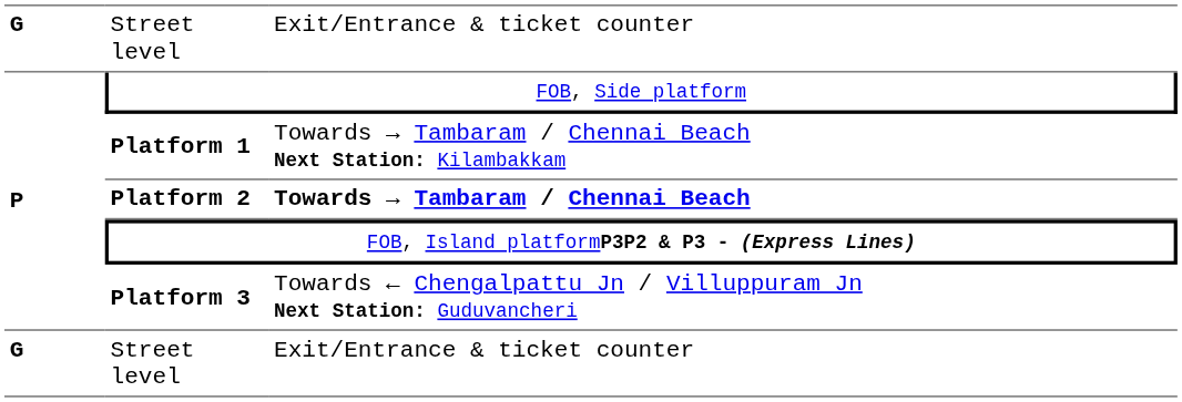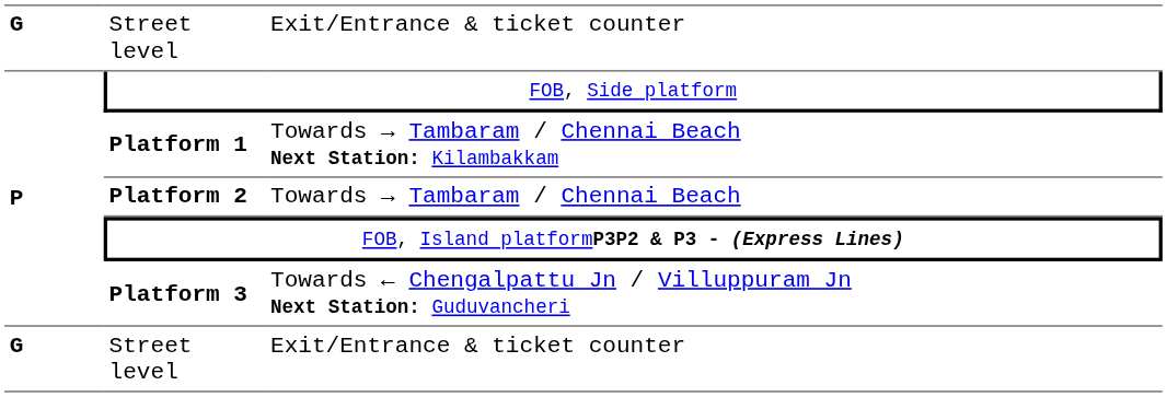 <table cellpadding="3" cellspacing="0" border="0">
 <tr>
 <td valign="top" width="30" style="border-top:solid 1px gray;border-bottom:solid 1px gray;"><strong>G</strong></td>
 <td valign="top" width="85" style="border-top:solid 1px gray;border-bottom:solid 1px gray;">Street level</td>
 <td valign="top" width="500" style="border-top:solid 1px gray;border-bottom:solid 1px gray;">Exit/Entrance & ticket counter</td>
 </tr>
 <tr>
 <td rowspan="5" style="border-bottom:solid 1px gray;" width="50" valign="center"><strong>P</strong></td>
 <td colspan="2" style="border-right:solid 2px black;border-left:solid 2px black;border-bottom:solid 2px black;text-align:center;"><a href='#'><small>FOB</small></a><small>, <a href='#'>Side platform</a></small></td>
 </tr>
 <tr>
 <td width="85" style="border-bottom:solid 1px gray;"><span><strong>Platform 1</strong></span></td>
 <td width="500" style="border-bottom:solid 1px gray;">Towards → <a href='#'>Tambaram</a> / <a href='#'>Chennai Beach</a><br><small><strong>Next Station:</strong> <a href='#'>Kilambakkam</a></small></td>
 </tr>
 <tr>
 <td width="85" style="border-bottom:solid 1px gray;"><span><strong>Platform 2</strong></span></td>
-<td width="500" style="border-bottom:solid 1px gray;"><strong>Towards → <a href='#'>Tambaram</a> / <a href='#'>Chennai Beach</a></strong></td>
+<td width="500" style="border-bottom:solid 1px gray;">Towards → <a href='#'>Tambaram</a> / <a href='#'>Chennai Beach</a></td>
 </tr>
 <tr>
 <td colspan="2" style="border-top:solid 2px black;border-right:solid 2px black;border-left:solid 2px black;border-bottom:solid 2px black;text-align:center;"><a href='#'><small>FOB</small></a><small>, <a href='#'>Island platform</a><strong>P3</strong><strong>P2 & P3 -</strong> <strong><em>(Express Lines)</em></strong></small></td>
 </tr>
 <tr>
 <td width="85" style="border-bottom:solid 1px gray;"><span><strong>Platform 3</strong></span></td>
 <td style="border-bottom:solid 1px gray;" width="500">Towards ← <a href='#'>Chengalpattu Jn</a> / <a href='#'>Villuppuram Jn</a><br><small><strong>Next Station:</strong> <a href='#'>Guduvancheri</a></small></td>
 </tr>
 <tr>
 <td style="border-bottom:solid 1px gray;" width="50" valign="top"><strong>G</strong></td>
 <td style="border-bottom:solid 1px gray;" width="50" valign="top">Street level</td>
 <td style="border-bottom:solid 1px gray;" width="50" valign="top">Exit/Entrance & ticket counter</td>
 </tr>
 <tr>
 </tr>
 </table>
